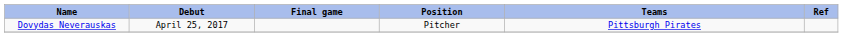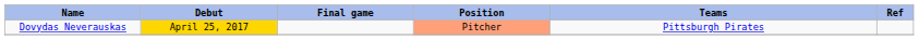 <table class="wikitable" style="width: 100%">
 <tr>
 <th style="background:#a8bdec; width:15%;">Name</th>
 <th style="width:15%; background:#a8bdec;">Debut</th>
 <th style="width:15%; background:#a8bdec;">Final game</th>
 <th style="width:15%; background:#a8bdec;">Position</th>
 <th style="width:36%; background:#a8bdec;">Teams</th>
 <th style="width:4%; background:#a8bdec;">Ref</th>
 </tr>
 <tr align=center>
 <td><a href='#'>Dovydas Neverauskas</a></td>
-<td>April 25, 2017</td>
+<td style="background: gold;">April 25, 2017</td>
 <td></td>
-<td>Pitcher</td>
+<td style="background: lightsalmon;">Pitcher</td>
 <td><a href='#'>Pittsburgh Pirates</a></td>
 <td></td>
 </tr>
 <tr align=center>
 </tr>
 </table>
